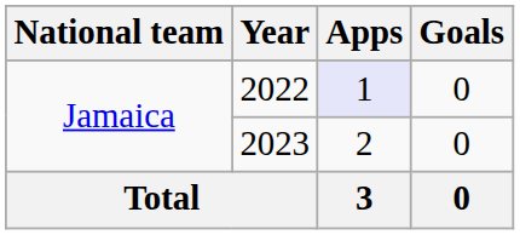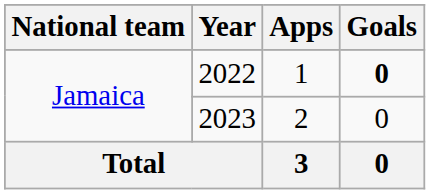 <table class="wikitable" style="text-align:center">
 <tr>
 <th>National team</th>
 <th>Year</th>
 <th>Apps</th>
 <th>Goals</th>
 </tr>
 <tr>
 <td rowspan="2"><a href='#'>Jamaica</a></td>
 <td>2022</td>
-<td style="background: lavender;">1</td>
-<td>0</td>
+<td>1</td>
+<td><strong>0</strong></td>
 </tr>
 <tr>
 <td>2023</td>
 <td>2</td>
 <td>0</td>
 </tr>
 <tr>
 <th colspan=2>Total</th>
 <th>3</th>
 <th>0</th>
 </tr>
 </table>
